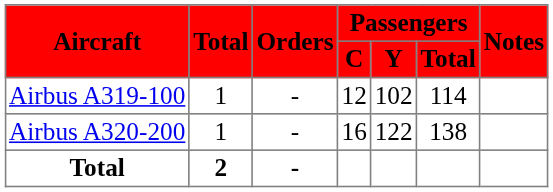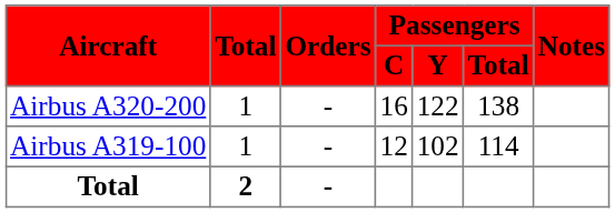 <table class="toccolours" border="1" cellpadding="2" style="border-collapse:collapse;margin:1em auto;">
 <tr bgcolor=red>
 <th rowspan="2"><span>Aircraft</span></th>
 <th rowspan="2"><span>Total</span></th>
 <th rowspan="2"><span>Orders</span></th>
 <th colspan="3"><span>Passengers</span></th>
 <th rowspan="2"><span>Notes</span></th>
 </tr>
 <tr bgcolor=red>
 <th><abbr><span>C</span></abbr></th>
 <th><abbr><span>Y</span></abbr></th>
 <th><span>Total</span></th>
 </tr>
 <tr>
+<td><a href='#'>Airbus A320-200</a></td>
+<td align=center>1</td>
+<td align=center>-</td>
+<td align=center>16</td>
+<td align=center>122</td>
+<td align=center>138</td>
+<td align=center></td>
+</tr>
+<tr>
 <td><a href='#'>Airbus A319-100</a></td>
 <td align=center>1</td>
 <td align=center>-</td>
 <td align=center>12</td>
 <td align=center>102</td>
 <td align=center>114</td>
-<td align=center></td>
-</tr>
-<tr>
-<td><a href='#'>Airbus A320-200</a></td>
-<td align=center>1</td>
-<td align=center>-</td>
-<td align=center>16</td>
-<td align=center>122</td>
-<td align=center>138</td>
 <td align=center></td>
 </tr>
 <tr>
 <th>Total</th>
 <th>2</th>
 <th>-</th>
 <th></th>
 <th></th>
 <th></th>
 <th></th>
 </tr>
 </table>
